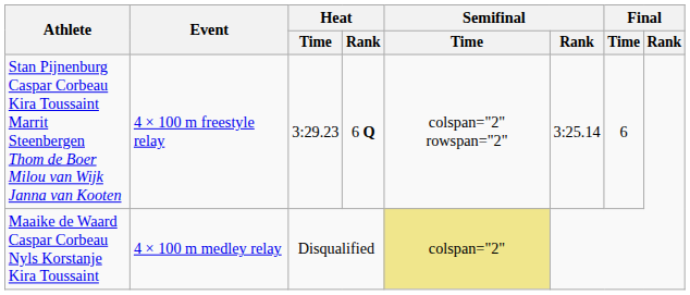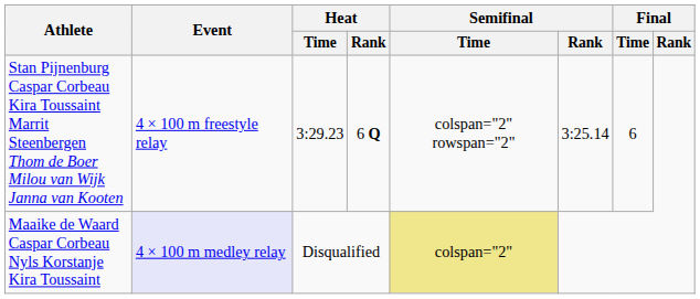 <table class="wikitable" style="text-align:center; font-size:90%; width:50%;">
 <tr>
 <th rowspan="2">Athlete</th>
 <th rowspan="2">Event</th>
 <th colspan="2">Heat</th>
 <th colspan="2">Semifinal</th>
 <th colspan="2">Final</th>
 </tr>
 <tr style="font-size:95%">
 <th>Time</th>
 <th>Rank</th>
 <th>Time</th>
 <th>Rank</th>
 <th>Time</th>
 <th>Rank</th>
 </tr>
 <tr align=center>
 <td align=left><a href='#'>Stan Pijnenburg</a><br><a href='#'>Caspar Corbeau</a> <br><a href='#'>Kira Toussaint</a> <br><a href='#'>Marrit Steenbergen</a><br><em><a href='#'>Thom de Boer</a><br><a href='#'>Milou van Wijk</a><br><a href='#'>Janna van Kooten</a></em></td>
 <td align=left><a href='#'>4 × 100 m freestyle relay</a></td>
 <td>3:29.23</td>
 <td>6 <strong>Q</strong></td>
 <td>colspan="2" rowspan="2"</td>
 <td>3:25.14</td>
 <td>6</td>
 </tr>
 <tr align=center>
 <td align=left><a href='#'>Maaike de Waard</a> <br><a href='#'>Caspar Corbeau</a><br><a href='#'>Nyls Korstanje</a><br><a href='#'>Kira Toussaint</a></td>
-<td align=left><a href='#'>4 × 100 m medley relay</a></td>
+<td align=left style="background: lavender;"><a href='#'>4 × 100 m medley relay</a></td>
 <td colspan="2">Disqualified</td>
 <td style="background: khaki;">colspan="2" </td>
 </tr>
 </table>
